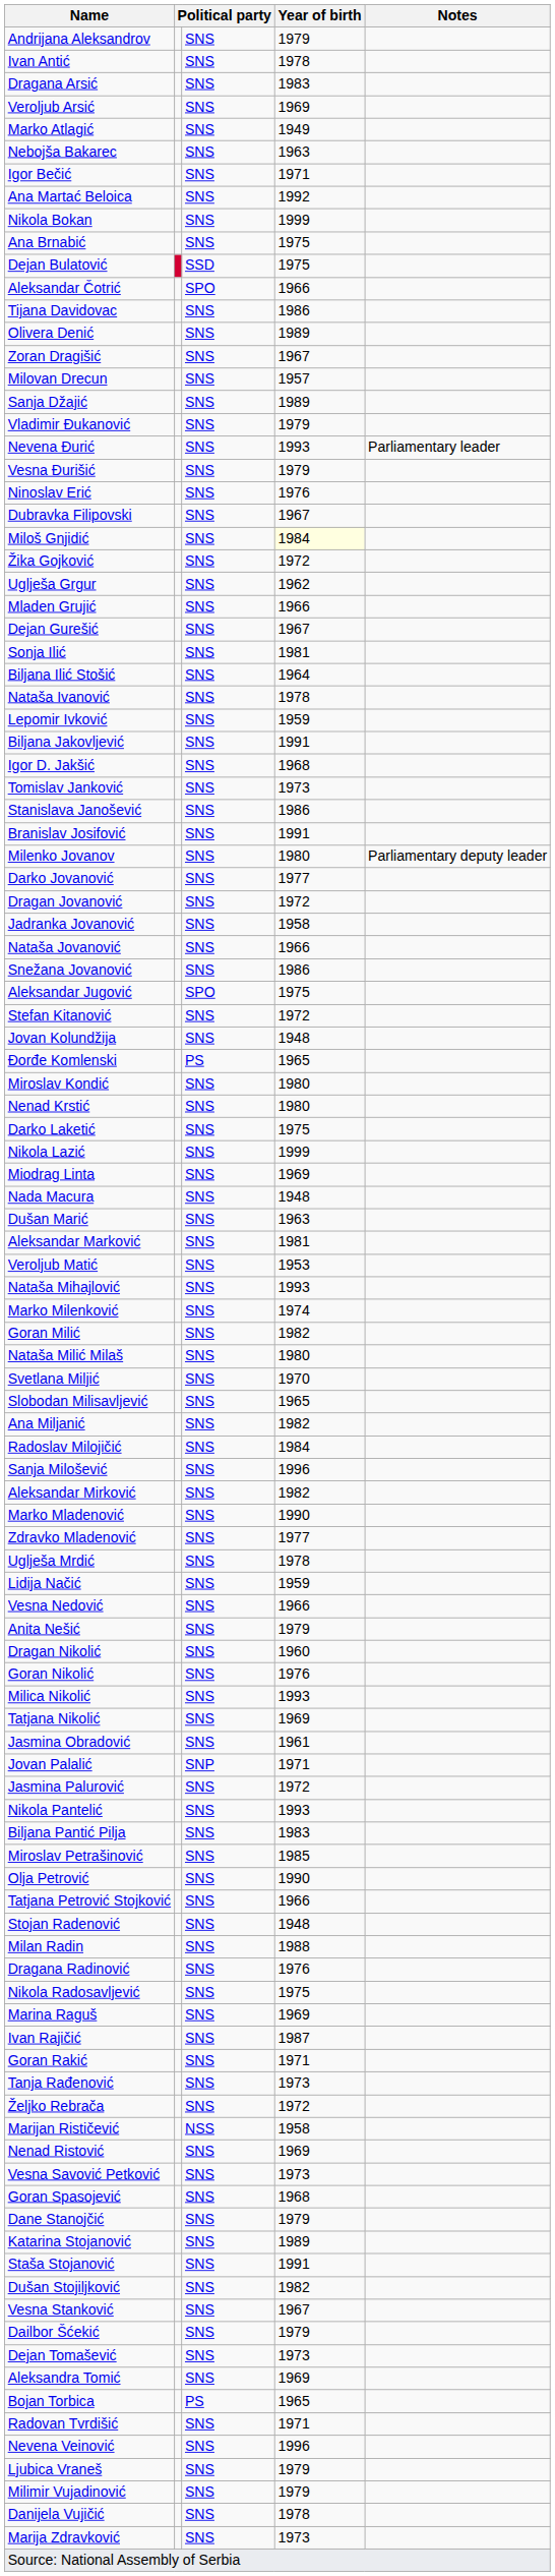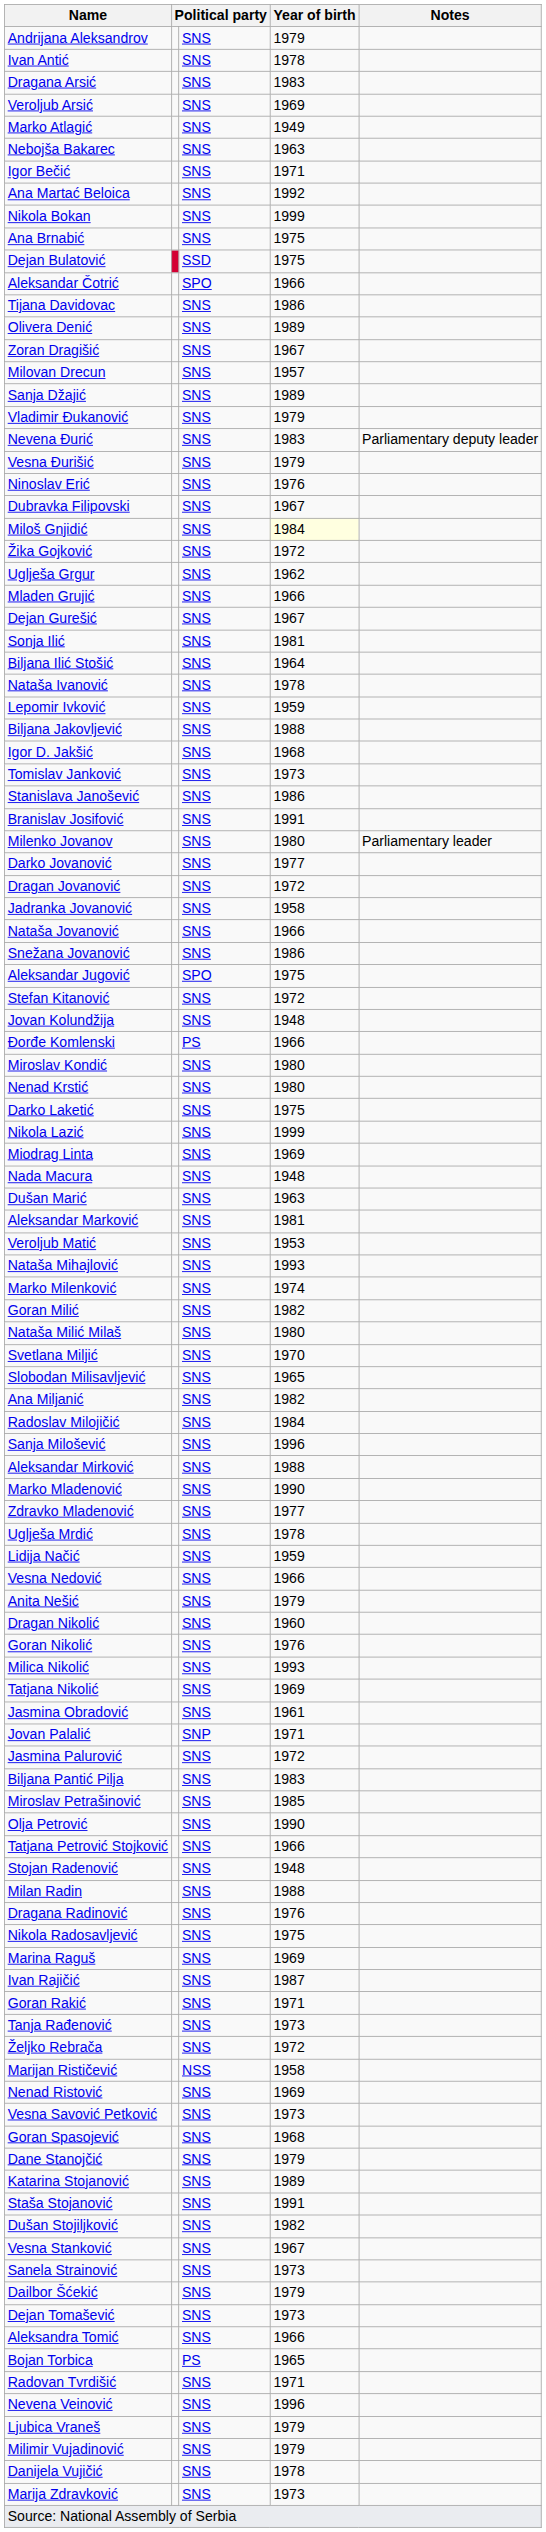 <table class="wikitable sortable" style="text-align:left">
 <tr>
 <th>Name</th>
 <th colspan="2">Political party</th>
 <th>Year of birth</th>
 <th>Notes</th>
 </tr>
 <tr>
 <td><a href='#'>Andrijana Aleksandrov</a></td>
 <td width="1" style="color:inherit;background: "></td>
 <td><a href='#'>SNS</a></td>
 <td>1979</td>
 <td></td>
 </tr>
 <tr>
 <td><a href='#'>Ivan Antić</a></td>
 <td width="1" style="color:inherit;background: "></td>
 <td><a href='#'>SNS</a></td>
 <td>1978</td>
 <td></td>
 </tr>
 <tr>
 <td><a href='#'>Dragana Arsić</a></td>
 <td width="1" style="color:inherit;background: "></td>
 <td><a href='#'>SNS</a></td>
 <td>1983</td>
 <td></td>
 </tr>
 <tr>
 <td><a href='#'>Veroljub Arsić</a></td>
 <td width="1" style="color:inherit;background: "></td>
 <td><a href='#'>SNS</a></td>
 <td>1969</td>
 <td></td>
 </tr>
 <tr>
 <td><a href='#'>Marko Atlagić</a></td>
 <td width="1" style="color:inherit;background: "></td>
 <td><a href='#'>SNS</a></td>
 <td>1949</td>
 <td></td>
 </tr>
 <tr>
 <td><a href='#'>Nebojša Bakarec</a></td>
 <td width="1" style="color:inherit;background: "></td>
 <td><a href='#'>SNS</a></td>
 <td>1963</td>
 <td></td>
 </tr>
 <tr>
 <td><a href='#'>Igor Bečić</a></td>
 <td width="1" style="color:inherit;background: "></td>
 <td><a href='#'>SNS</a></td>
 <td>1971</td>
 <td></td>
 </tr>
 <tr>
 <td><a href='#'>Ana Martać Beloica</a></td>
 <td width="1" style="color:inherit;background: "></td>
 <td><a href='#'>SNS</a></td>
 <td>1992</td>
 <td></td>
 </tr>
 <tr>
 <td><a href='#'>Nikola Bokan</a></td>
 <td width="1" style="color:inherit;background: "></td>
 <td><a href='#'>SNS</a></td>
 <td>1999</td>
 <td></td>
 </tr>
 <tr>
 <td><a href='#'>Ana Brnabić</a></td>
 <td width="1" style="color:inherit;background: "></td>
 <td><a href='#'>SNS</a></td>
 <td>1975</td>
 <td></td>
 </tr>
 <tr>
 <td><a href='#'>Dejan Bulatović</a></td>
 <td width="1" style="color:inherit;background:#D40033"></td>
 <td><a href='#'>SSD</a></td>
 <td>1975</td>
 <td></td>
 </tr>
 <tr>
 <td><a href='#'>Aleksandar Čotrić</a></td>
 <td width="1" style="color:inherit;background: "></td>
 <td><a href='#'>SPO</a></td>
 <td>1966</td>
 <td></td>
 </tr>
 <tr>
 <td><a href='#'>Tijana Davidovac</a></td>
 <td width="1" style="color:inherit;background: "></td>
 <td><a href='#'>SNS</a></td>
 <td>1986</td>
 <td></td>
 </tr>
 <tr>
 <td><a href='#'>Olivera Denić</a></td>
 <td width="1" style="color:inherit;background: "></td>
 <td><a href='#'>SNS</a></td>
 <td>1989</td>
 <td></td>
 </tr>
 <tr>
 <td><a href='#'>Zoran Dragišić</a></td>
 <td width="1" style="color:inherit;background: "></td>
 <td><a href='#'>SNS</a></td>
 <td>1967</td>
 <td></td>
 </tr>
 <tr>
 <td><a href='#'>Milovan Drecun</a></td>
 <td width="1" style="color:inherit;background: "></td>
 <td><a href='#'>SNS</a></td>
 <td>1957</td>
 <td></td>
 </tr>
 <tr>
 <td><a href='#'>Sanja Džajić</a></td>
 <td width="1" style="color:inherit;background: "></td>
 <td><a href='#'>SNS</a></td>
 <td>1989</td>
 <td></td>
 </tr>
 <tr>
 <td><a href='#'>Vladimir Đukanović</a></td>
 <td width="1" style="color:inherit;background: "></td>
 <td><a href='#'>SNS</a></td>
 <td>1979</td>
 <td></td>
 </tr>
 <tr>
 <td><a href='#'>Nevena Đurić</a></td>
 <td width="1" style="color:inherit;background: "></td>
 <td><a href='#'>SNS</a></td>
-<td>1993</td>
-<td>Parliamentary leader</td>
+<td>1983</td>
+<td>Parliamentary deputy leader</td>
 </tr>
 <tr>
 <td><a href='#'>Vesna Đurišić</a></td>
 <td width="1" style="color:inherit;background: "></td>
 <td><a href='#'>SNS</a></td>
 <td>1979</td>
 <td></td>
 </tr>
 <tr>
 <td><a href='#'>Ninoslav Erić</a></td>
 <td width="1" style="color:inherit;background: "></td>
 <td><a href='#'>SNS</a></td>
 <td>1976</td>
 <td></td>
 </tr>
 <tr>
 <td><a href='#'>Dubravka Filipovski</a></td>
 <td width="1" style="color:inherit;background: "></td>
 <td><a href='#'>SNS</a></td>
 <td>1967</td>
 <td></td>
 </tr>
 <tr>
 <td><a href='#'>Miloš Gnjidić</a></td>
 <td width="1" style="color:inherit;background: "></td>
 <td><a href='#'>SNS</a></td>
 <td style="background: lightyellow;">1984</td>
 <td></td>
 </tr>
 <tr>
 <td><a href='#'>Žika Gojković</a></td>
 <td width="1" style="color:inherit;background: "></td>
 <td><a href='#'>SNS</a></td>
 <td>1972</td>
 <td></td>
 </tr>
 <tr>
 <td><a href='#'>Uglješa Grgur</a></td>
 <td width="1" style="color:inherit;background: "></td>
 <td><a href='#'>SNS</a></td>
 <td>1962</td>
 <td></td>
 </tr>
 <tr>
 <td><a href='#'>Mladen Grujić</a></td>
 <td width="1" style="color:inherit;background: "></td>
 <td><a href='#'>SNS</a></td>
 <td>1966</td>
 <td></td>
 </tr>
 <tr>
 <td><a href='#'>Dejan Gurešić</a></td>
 <td width="1" style="color:inherit;background: "></td>
 <td><a href='#'>SNS</a></td>
 <td>1967</td>
 <td></td>
 </tr>
 <tr>
 <td><a href='#'>Sonja Ilić</a></td>
 <td width="1" style="color:inherit;background: "></td>
 <td><a href='#'>SNS</a></td>
 <td>1981</td>
 <td></td>
 </tr>
 <tr>
 <td><a href='#'>Biljana Ilić Stošić</a></td>
 <td width="1" style="color:inherit;background: "></td>
 <td><a href='#'>SNS</a></td>
 <td>1964</td>
 <td></td>
 </tr>
 <tr>
 <td><a href='#'>Nataša Ivanović</a></td>
 <td width="1" style="color:inherit;background: "></td>
 <td><a href='#'>SNS</a></td>
 <td>1978</td>
 <td></td>
 </tr>
 <tr>
 <td><a href='#'>Lepomir Ivković</a></td>
 <td width="1" style="color:inherit;background: "></td>
 <td><a href='#'>SNS</a></td>
 <td>1959</td>
 <td></td>
 </tr>
 <tr>
 <td><a href='#'>Biljana Jakovljević</a></td>
 <td width="1" style="color:inherit;background: "></td>
 <td><a href='#'>SNS</a></td>
-<td>1991</td>
+<td>1988</td>
 <td></td>
 </tr>
 <tr>
 <td><a href='#'>Igor D. Jakšić</a></td>
 <td width="1" style="color:inherit;background: "></td>
 <td><a href='#'>SNS</a></td>
 <td>1968</td>
 <td></td>
 </tr>
 <tr>
 <td><a href='#'>Tomislav Janković</a></td>
 <td width="1" style="color:inherit;background: "></td>
 <td><a href='#'>SNS</a></td>
 <td>1973</td>
 <td></td>
 </tr>
 <tr>
 <td><a href='#'>Stanislava Janošević</a></td>
 <td width="1" style="color:inherit;background: "></td>
 <td><a href='#'>SNS</a></td>
 <td>1986</td>
 <td></td>
 </tr>
 <tr>
 <td><a href='#'>Branislav Josifović</a></td>
 <td width="1" style="color:inherit;background: "></td>
 <td><a href='#'>SNS</a></td>
 <td>1991</td>
 <td></td>
 </tr>
 <tr>
 <td><a href='#'>Milenko Jovanov</a></td>
 <td width="1" style="color:inherit;background: "></td>
 <td><a href='#'>SNS</a></td>
 <td>1980</td>
-<td>Parliamentary deputy leader</td>
+<td>Parliamentary leader</td>
 </tr>
 <tr>
 <td><a href='#'>Darko Jovanović</a></td>
 <td width="1" style="color:inherit;background: "></td>
 <td><a href='#'>SNS</a></td>
 <td>1977</td>
 <td></td>
 </tr>
 <tr>
 <td><a href='#'>Dragan Jovanović</a></td>
 <td width="1" style="color:inherit;background: "></td>
 <td><a href='#'>SNS</a></td>
 <td>1972</td>
 <td></td>
 </tr>
 <tr>
 <td><a href='#'>Jadranka Jovanović</a></td>
 <td width="1" style="color:inherit;background: "></td>
 <td><a href='#'>SNS</a></td>
 <td>1958</td>
 <td></td>
 </tr>
 <tr>
 <td><a href='#'>Nataša Jovanović</a></td>
 <td width="1" style="color:inherit;background: "></td>
 <td><a href='#'>SNS</a></td>
 <td>1966</td>
 <td></td>
 </tr>
 <tr>
 <td><a href='#'>Snežana Jovanović</a></td>
 <td width="1" style="color:inherit;background: "></td>
 <td><a href='#'>SNS</a></td>
 <td>1986</td>
 <td></td>
 </tr>
 <tr>
 <td><a href='#'>Aleksandar Jugović</a></td>
 <td width="1" style="color:inherit;background: "></td>
 <td><a href='#'>SPO</a></td>
 <td>1975</td>
 <td></td>
 </tr>
 <tr>
 <td><a href='#'>Stefan Kitanović</a></td>
 <td width="1" style="color:inherit;background: "></td>
 <td><a href='#'>SNS</a></td>
 <td>1972</td>
 <td></td>
 </tr>
 <tr>
 <td><a href='#'>Jovan Kolundžija</a></td>
 <td width="1" style="color:inherit;background: "></td>
 <td><a href='#'>SNS</a></td>
 <td>1948</td>
 <td></td>
 </tr>
 <tr>
 <td><a href='#'>Đorđe Komlenski</a></td>
 <td width="1" style="color:inherit;background: "></td>
 <td><a href='#'>PS</a></td>
-<td>1965</td>
+<td>1966</td>
 <td></td>
 </tr>
 <tr>
 <td><a href='#'>Miroslav Kondić</a></td>
 <td width="1" style="color:inherit;background: "></td>
 <td><a href='#'>SNS</a></td>
 <td>1980</td>
 <td></td>
 </tr>
 <tr>
 <td><a href='#'>Nenad Krstić</a></td>
 <td width="1" style="color:inherit;background: "></td>
 <td><a href='#'>SNS</a></td>
 <td>1980</td>
 <td></td>
 </tr>
 <tr>
 <td><a href='#'>Darko Laketić</a></td>
 <td width="1" style="color:inherit;background: "></td>
 <td><a href='#'>SNS</a></td>
 <td>1975</td>
 <td></td>
 </tr>
 <tr>
 <td><a href='#'>Nikola Lazić</a></td>
 <td width="1" style="color:inherit;background: "></td>
 <td><a href='#'>SNS</a></td>
 <td>1999</td>
 <td></td>
 </tr>
 <tr>
 <td><a href='#'>Miodrag Linta</a></td>
 <td width="1" style="color:inherit;background: "></td>
 <td><a href='#'>SNS</a></td>
 <td>1969</td>
 <td></td>
 </tr>
 <tr>
 <td><a href='#'>Nada Macura</a></td>
 <td width="1" style="color:inherit;background: "></td>
 <td><a href='#'>SNS</a></td>
 <td>1948</td>
 <td></td>
 </tr>
 <tr>
 <td><a href='#'>Dušan Marić</a></td>
 <td width="1" style="color:inherit;background: "></td>
 <td><a href='#'>SNS</a></td>
 <td>1963</td>
 <td></td>
 </tr>
 <tr>
 <td><a href='#'>Aleksandar Marković</a></td>
 <td width="1" style="color:inherit;background: "></td>
 <td><a href='#'>SNS</a></td>
 <td>1981</td>
 <td></td>
 </tr>
 <tr>
 <td><a href='#'>Veroljub Matić</a></td>
 <td width="1" style="color:inherit;background: "></td>
 <td><a href='#'>SNS</a></td>
 <td>1953</td>
 <td></td>
 </tr>
 <tr>
 <td><a href='#'>Nataša Mihajlović</a></td>
 <td width="1" style="color:inherit;background: "></td>
 <td><a href='#'>SNS</a></td>
 <td>1993</td>
 <td></td>
 </tr>
 <tr>
 <td><a href='#'>Marko Milenković</a></td>
 <td width="1" style="color:inherit;background: "></td>
 <td><a href='#'>SNS</a></td>
 <td>1974</td>
 <td></td>
 </tr>
 <tr>
 <td><a href='#'>Goran Milić</a></td>
 <td width="1" style="color:inherit;background: "></td>
 <td><a href='#'>SNS</a></td>
 <td>1982</td>
 <td></td>
 </tr>
 <tr>
 <td><a href='#'>Nataša Milić Milaš</a></td>
 <td width="1" style="color:inherit;background: "></td>
 <td><a href='#'>SNS</a></td>
 <td>1980</td>
 <td></td>
 </tr>
 <tr>
 <td><a href='#'>Svetlana Miljić</a></td>
 <td width="1" style="color:inherit;background: "></td>
 <td><a href='#'>SNS</a></td>
 <td>1970</td>
 <td></td>
 </tr>
 <tr>
 <td><a href='#'>Slobodan Milisavljević</a></td>
 <td width="1" style="color:inherit;background: "></td>
 <td><a href='#'>SNS</a></td>
 <td>1965</td>
 <td></td>
 </tr>
 <tr>
 <td><a href='#'>Ana Miljanić</a></td>
 <td width="1" style="color:inherit;background: "></td>
 <td><a href='#'>SNS</a></td>
 <td>1982</td>
 <td></td>
 </tr>
 <tr>
 <td><a href='#'>Radoslav Milojičić</a></td>
 <td width="1" style="color:inherit;background: "></td>
 <td><a href='#'>SNS</a></td>
 <td>1984</td>
 <td></td>
 </tr>
 <tr>
 <td><a href='#'>Sanja Milošević</a></td>
 <td width="1" style="color:inherit;background: "></td>
 <td><a href='#'>SNS</a></td>
 <td>1996</td>
 <td></td>
 </tr>
 <tr>
 <td><a href='#'>Aleksandar Mirković</a></td>
 <td width="1" style="color:inherit;background: "></td>
 <td><a href='#'>SNS</a></td>
-<td>1982</td>
+<td>1988</td>
 <td></td>
 </tr>
 <tr>
 <td><a href='#'>Marko Mladenović</a></td>
 <td width="1" style="color:inherit;background: "></td>
 <td><a href='#'>SNS</a></td>
 <td>1990</td>
 <td></td>
 </tr>
 <tr>
 <td><a href='#'>Zdravko Mladenović</a></td>
 <td width="1" style="color:inherit;background: "></td>
 <td><a href='#'>SNS</a></td>
 <td>1977</td>
 <td></td>
 </tr>
 <tr>
 <td><a href='#'>Uglješa Mrdić</a></td>
 <td width="1" style="color:inherit;background: "></td>
 <td><a href='#'>SNS</a></td>
 <td>1978</td>
 <td></td>
 </tr>
 <tr>
 <td><a href='#'>Lidija Načić</a></td>
 <td width="1" style="color:inherit;background: "></td>
 <td><a href='#'>SNS</a></td>
 <td>1959</td>
 <td></td>
 </tr>
 <tr>
 <td><a href='#'>Vesna Nedović</a></td>
 <td width="1" style="color:inherit;background: "></td>
 <td><a href='#'>SNS</a></td>
 <td>1966</td>
 <td></td>
 </tr>
 <tr>
 <td><a href='#'>Anita Nešić</a></td>
 <td width="1" style="color:inherit;background: "></td>
 <td><a href='#'>SNS</a></td>
 <td>1979</td>
 <td></td>
 </tr>
 <tr>
 <td><a href='#'>Dragan Nikolić</a></td>
 <td width="1" style="color:inherit;background: "></td>
 <td><a href='#'>SNS</a></td>
 <td>1960</td>
 <td></td>
 </tr>
 <tr>
 <td><a href='#'>Goran Nikolić</a></td>
 <td width="1" style="color:inherit;background: "></td>
 <td><a href='#'>SNS</a></td>
 <td>1976</td>
 <td></td>
 </tr>
 <tr>
 <td><a href='#'>Milica Nikolić</a></td>
 <td width="1" style="color:inherit;background: "></td>
 <td><a href='#'>SNS</a></td>
 <td>1993</td>
 <td></td>
 </tr>
 <tr>
 <td><a href='#'>Tatjana Nikolić</a></td>
 <td width="1" style="color:inherit;background: "></td>
 <td><a href='#'>SNS</a></td>
 <td>1969</td>
 <td></td>
 </tr>
 <tr>
 <td><a href='#'>Jasmina Obradović</a></td>
 <td width="1" style="color:inherit;background: "></td>
 <td><a href='#'>SNS</a></td>
 <td>1961</td>
 <td></td>
 </tr>
 <tr>
 <td><a href='#'>Jovan Palalić</a></td>
 <td width="1" style="color:inherit;background: "></td>
 <td><a href='#'>SNP</a></td>
 <td>1971</td>
 <td></td>
 </tr>
 <tr>
 <td><a href='#'>Jasmina Palurović</a></td>
 <td width="1" style="color:inherit;background: "></td>
 <td><a href='#'>SNS</a></td>
 <td>1972</td>
-<td></td>
-</tr>
-<tr>
-<td><a href='#'>Nikola Pantelić</a></td>
-<td width="1" style="color:inherit;background: "></td>
-<td><a href='#'>SNS</a></td>
-<td>1993</td>
 <td></td>
 </tr>
 <tr>
 <td><a href='#'>Biljana Pantić Pilja</a></td>
 <td width="1" style="color:inherit;background: "></td>
 <td><a href='#'>SNS</a></td>
 <td>1983</td>
 <td></td>
 </tr>
 <tr>
 <td><a href='#'>Miroslav Petrašinović</a></td>
 <td width="1" style="color:inherit;background: "></td>
 <td><a href='#'>SNS</a></td>
 <td>1985</td>
 <td></td>
 </tr>
 <tr>
 <td><a href='#'>Olja Petrović</a></td>
 <td width="1" style="color:inherit;background: "></td>
 <td><a href='#'>SNS</a></td>
 <td>1990</td>
 <td></td>
 </tr>
 <tr>
 <td><a href='#'>Tatjana Petrović Stojković</a></td>
 <td width="1" style="color:inherit;background: "></td>
 <td><a href='#'>SNS</a></td>
 <td>1966</td>
 <td></td>
 </tr>
 <tr>
 <td><a href='#'>Stojan Radenović</a></td>
 <td width="1" style="color:inherit;background: "></td>
 <td><a href='#'>SNS</a></td>
 <td>1948</td>
 <td></td>
 </tr>
 <tr>
 <td><a href='#'>Milan Radin</a></td>
 <td width="1" style="color:inherit;background: "></td>
 <td><a href='#'>SNS</a></td>
 <td>1988</td>
 <td></td>
 </tr>
 <tr>
 <td><a href='#'>Dragana Radinović</a></td>
 <td width="1" style="color:inherit;background: "></td>
 <td><a href='#'>SNS</a></td>
 <td>1976</td>
 <td></td>
 </tr>
 <tr>
 <td><a href='#'>Nikola Radosavljević</a></td>
 <td width="1" style="color:inherit;background: "></td>
 <td><a href='#'>SNS</a></td>
 <td>1975</td>
 <td></td>
 </tr>
 <tr>
 <td><a href='#'>Marina Raguš</a></td>
 <td width="1" style="color:inherit;background: "></td>
 <td><a href='#'>SNS</a></td>
 <td>1969</td>
 <td></td>
 </tr>
 <tr>
 <td><a href='#'>Ivan Rajičić</a></td>
 <td width="1" style="color:inherit;background: "></td>
 <td><a href='#'>SNS</a></td>
 <td>1987</td>
 <td></td>
 </tr>
 <tr>
 <td><a href='#'>Goran Rakić</a></td>
 <td width="1" style="color:inherit;background: "></td>
 <td><a href='#'>SNS</a></td>
 <td>1971</td>
 <td></td>
 </tr>
 <tr>
 <td><a href='#'>Tanja Rađenović</a></td>
 <td width="1" style="color:inherit;background: "></td>
 <td><a href='#'>SNS</a></td>
 <td>1973</td>
 <td></td>
 </tr>
 <tr>
 <td><a href='#'>Željko Rebrača</a></td>
 <td width="1" style="color:inherit;background: "></td>
 <td><a href='#'>SNS</a></td>
 <td>1972</td>
 <td></td>
 </tr>
 <tr>
 <td><a href='#'>Marijan Rističević</a></td>
 <td width="1" style="color:inherit;background: "></td>
 <td><a href='#'>NSS</a></td>
 <td>1958</td>
 <td></td>
 </tr>
 <tr>
 <td><a href='#'>Nenad Ristović</a></td>
 <td width="1" style="color:inherit;background: "></td>
 <td><a href='#'>SNS</a></td>
 <td>1969</td>
 <td></td>
 </tr>
 <tr>
 <td><a href='#'>Vesna Savović Petković</a></td>
 <td width="1" style="color:inherit;background: "></td>
 <td><a href='#'>SNS</a></td>
 <td>1973</td>
 <td></td>
 </tr>
 <tr>
 <td><a href='#'>Goran Spasojević</a></td>
 <td width="1" style="color:inherit;background: "></td>
 <td><a href='#'>SNS</a></td>
 <td>1968</td>
 <td></td>
 </tr>
 <tr>
 <td><a href='#'>Dane Stanojčić</a></td>
 <td width="1" style="color:inherit;background: "></td>
 <td><a href='#'>SNS</a></td>
 <td>1979</td>
 <td></td>
 </tr>
 <tr>
 <td><a href='#'>Katarina Stojanović</a></td>
 <td width="1" style="color:inherit;background: "></td>
 <td><a href='#'>SNS</a></td>
 <td>1989</td>
 <td></td>
 </tr>
 <tr>
 <td><a href='#'>Staša Stojanović</a></td>
 <td width="1" style="color:inherit;background: "></td>
 <td><a href='#'>SNS</a></td>
 <td>1991</td>
 <td></td>
 </tr>
 <tr>
 <td><a href='#'>Dušan Stojiljković</a></td>
 <td width="1" style="color:inherit;background: "></td>
 <td><a href='#'>SNS</a></td>
 <td>1982</td>
 <td></td>
 </tr>
 <tr>
 <td><a href='#'>Vesna Stanković</a></td>
 <td width="1" style="color:inherit;background: "></td>
 <td><a href='#'>SNS</a></td>
 <td>1967</td>
 <td></td>
 </tr>
 <tr>
+<td><a href='#'>Sanela Strainović</a></td>
+<td width="1" style="color:inherit;background: "></td>
+<td><a href='#'>SNS</a></td>
+<td>1973</td>
+<td></td>
+</tr>
+<tr>
 <td><a href='#'>Dailbor Šćekić</a></td>
 <td width="1" style="color:inherit;background: "></td>
 <td><a href='#'>SNS</a></td>
 <td>1979</td>
 <td></td>
 </tr>
 <tr>
 <td><a href='#'>Dejan Tomašević</a></td>
 <td width="1" style="color:inherit;background: "></td>
 <td><a href='#'>SNS</a></td>
 <td>1973</td>
 <td></td>
 </tr>
 <tr>
 <td><a href='#'>Aleksandra Tomić</a></td>
 <td width="1" style="color:inherit;background: "></td>
 <td><a href='#'>SNS</a></td>
-<td>1969</td>
+<td>1966</td>
 <td></td>
 </tr>
 <tr>
 <td><a href='#'>Bojan Torbica</a></td>
 <td width="1" style="color:inherit;background: "></td>
 <td><a href='#'>PS</a></td>
 <td>1965</td>
 <td></td>
 </tr>
 <tr>
 <td><a href='#'>Radovan Tvrdišić</a></td>
 <td width="1" style="color:inherit;background: "></td>
 <td><a href='#'>SNS</a></td>
 <td>1971</td>
 <td></td>
 </tr>
 <tr>
 <td><a href='#'>Nevena Veinović</a></td>
 <td width="1" style="color:inherit;background: "></td>
 <td><a href='#'>SNS</a></td>
 <td>1996</td>
 <td></td>
 </tr>
 <tr>
 <td><a href='#'>Ljubica Vraneš</a></td>
 <td width="1" style="color:inherit;background: "></td>
 <td><a href='#'>SNS</a></td>
 <td>1979</td>
 <td></td>
 </tr>
 <tr>
 <td><a href='#'>Milimir Vujadinović</a></td>
 <td width="1" style="color:inherit;background: "></td>
 <td><a href='#'>SNS</a></td>
 <td>1979</td>
 <td></td>
 </tr>
 <tr>
 <td><a href='#'>Danijela Vujičić</a></td>
 <td width="1" style="color:inherit;background: "></td>
 <td><a href='#'>SNS</a></td>
 <td>1978</td>
 <td></td>
 </tr>
 <tr>
 <td><a href='#'>Marija Zdravković</a></td>
 <td width="1" style="color:inherit;background: "></td>
 <td><a href='#'>SNS</a></td>
 <td>1973</td>
 <td></td>
 </tr>
 <tr>
 <td style="background-color:#EAECF0" colspan="5">Source: National Assembly of Serbia</td>
 </tr>
 </table>
